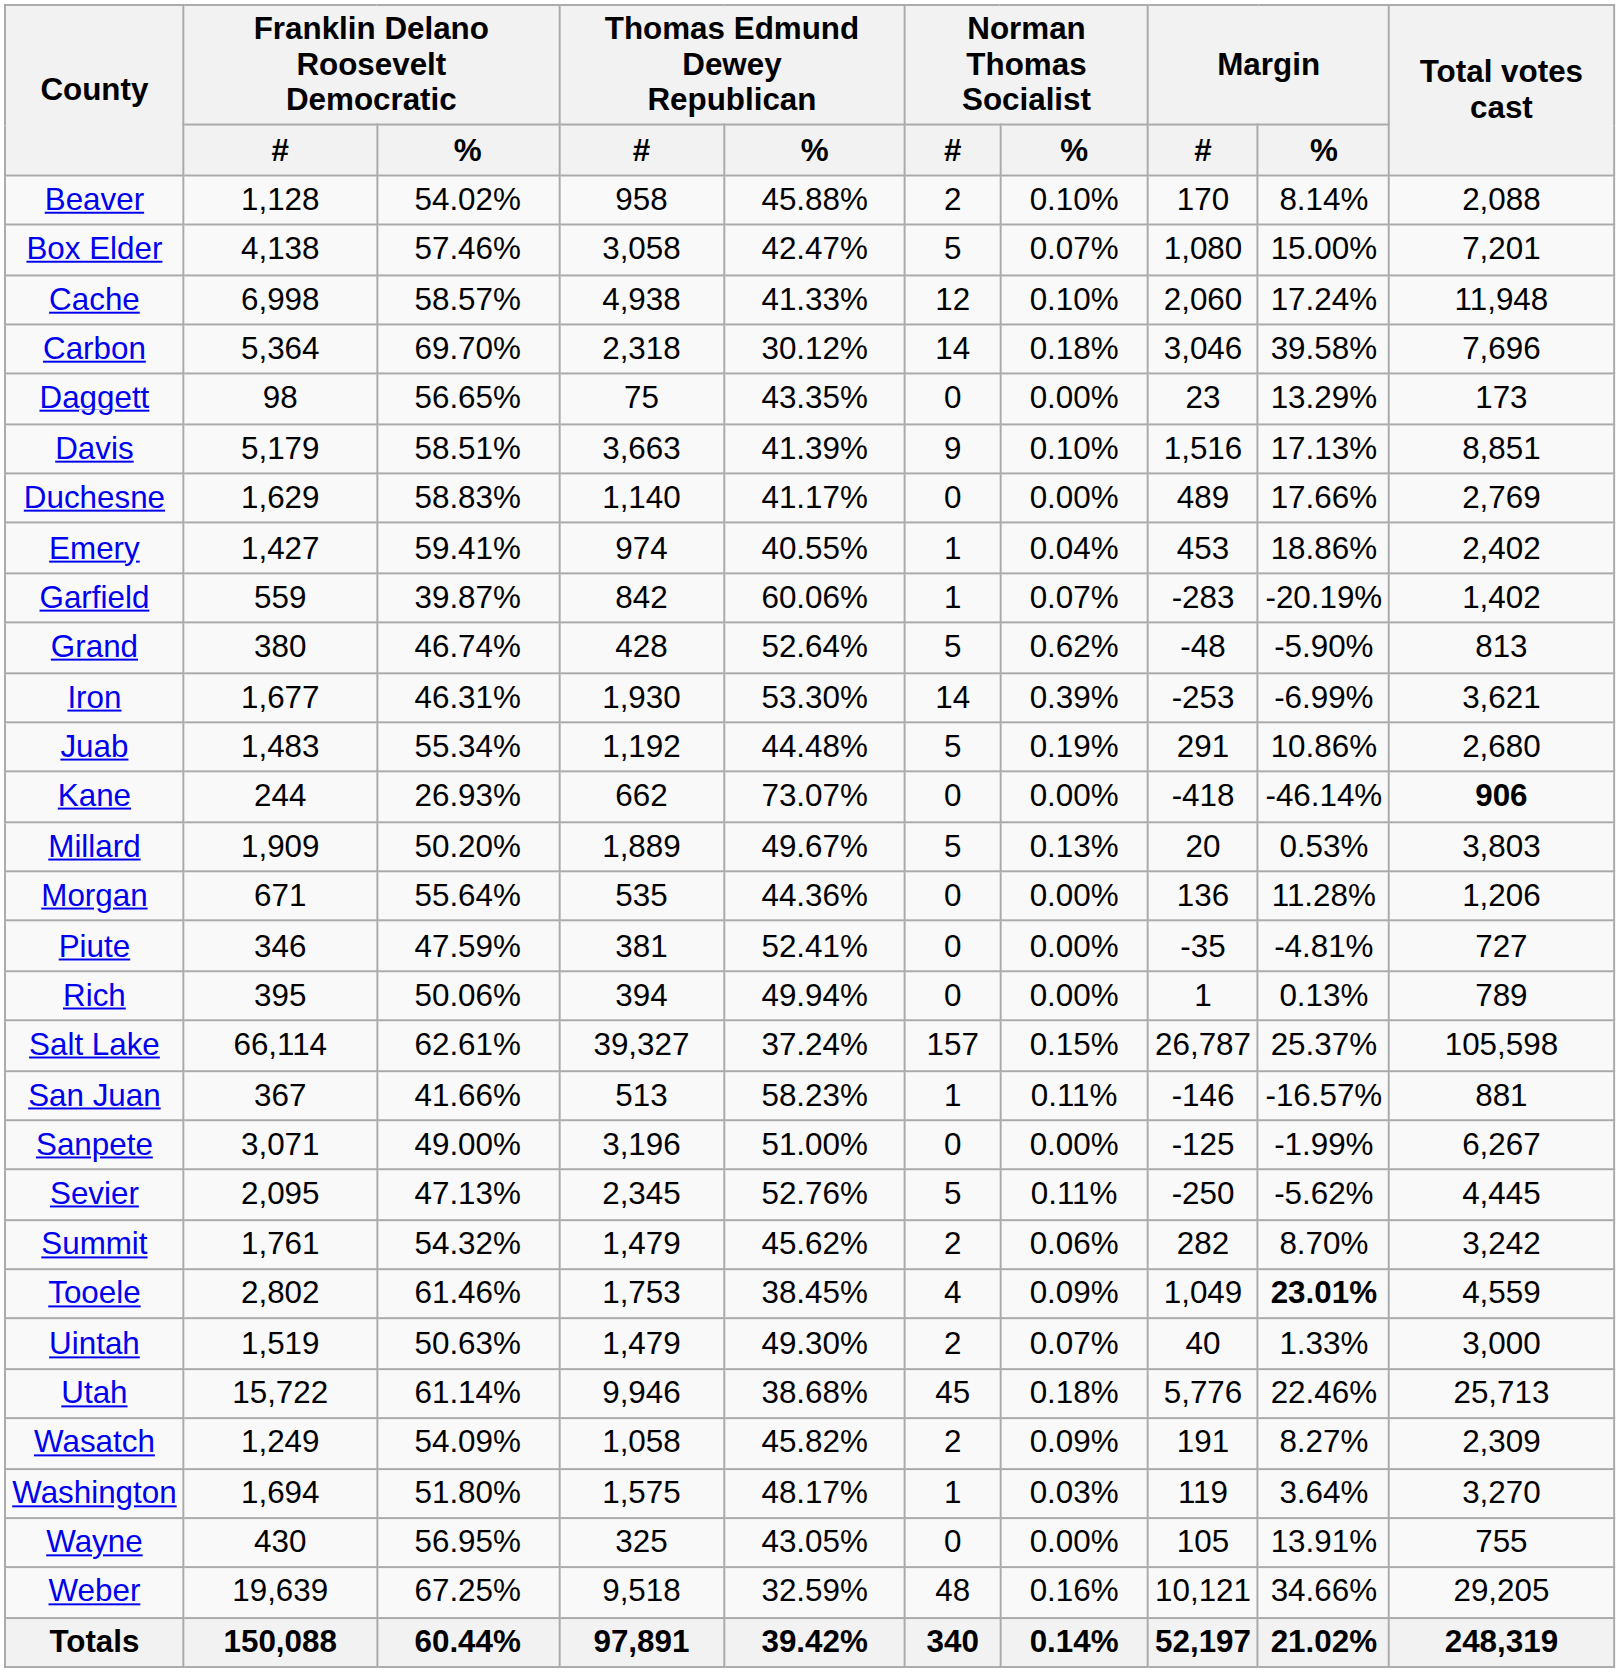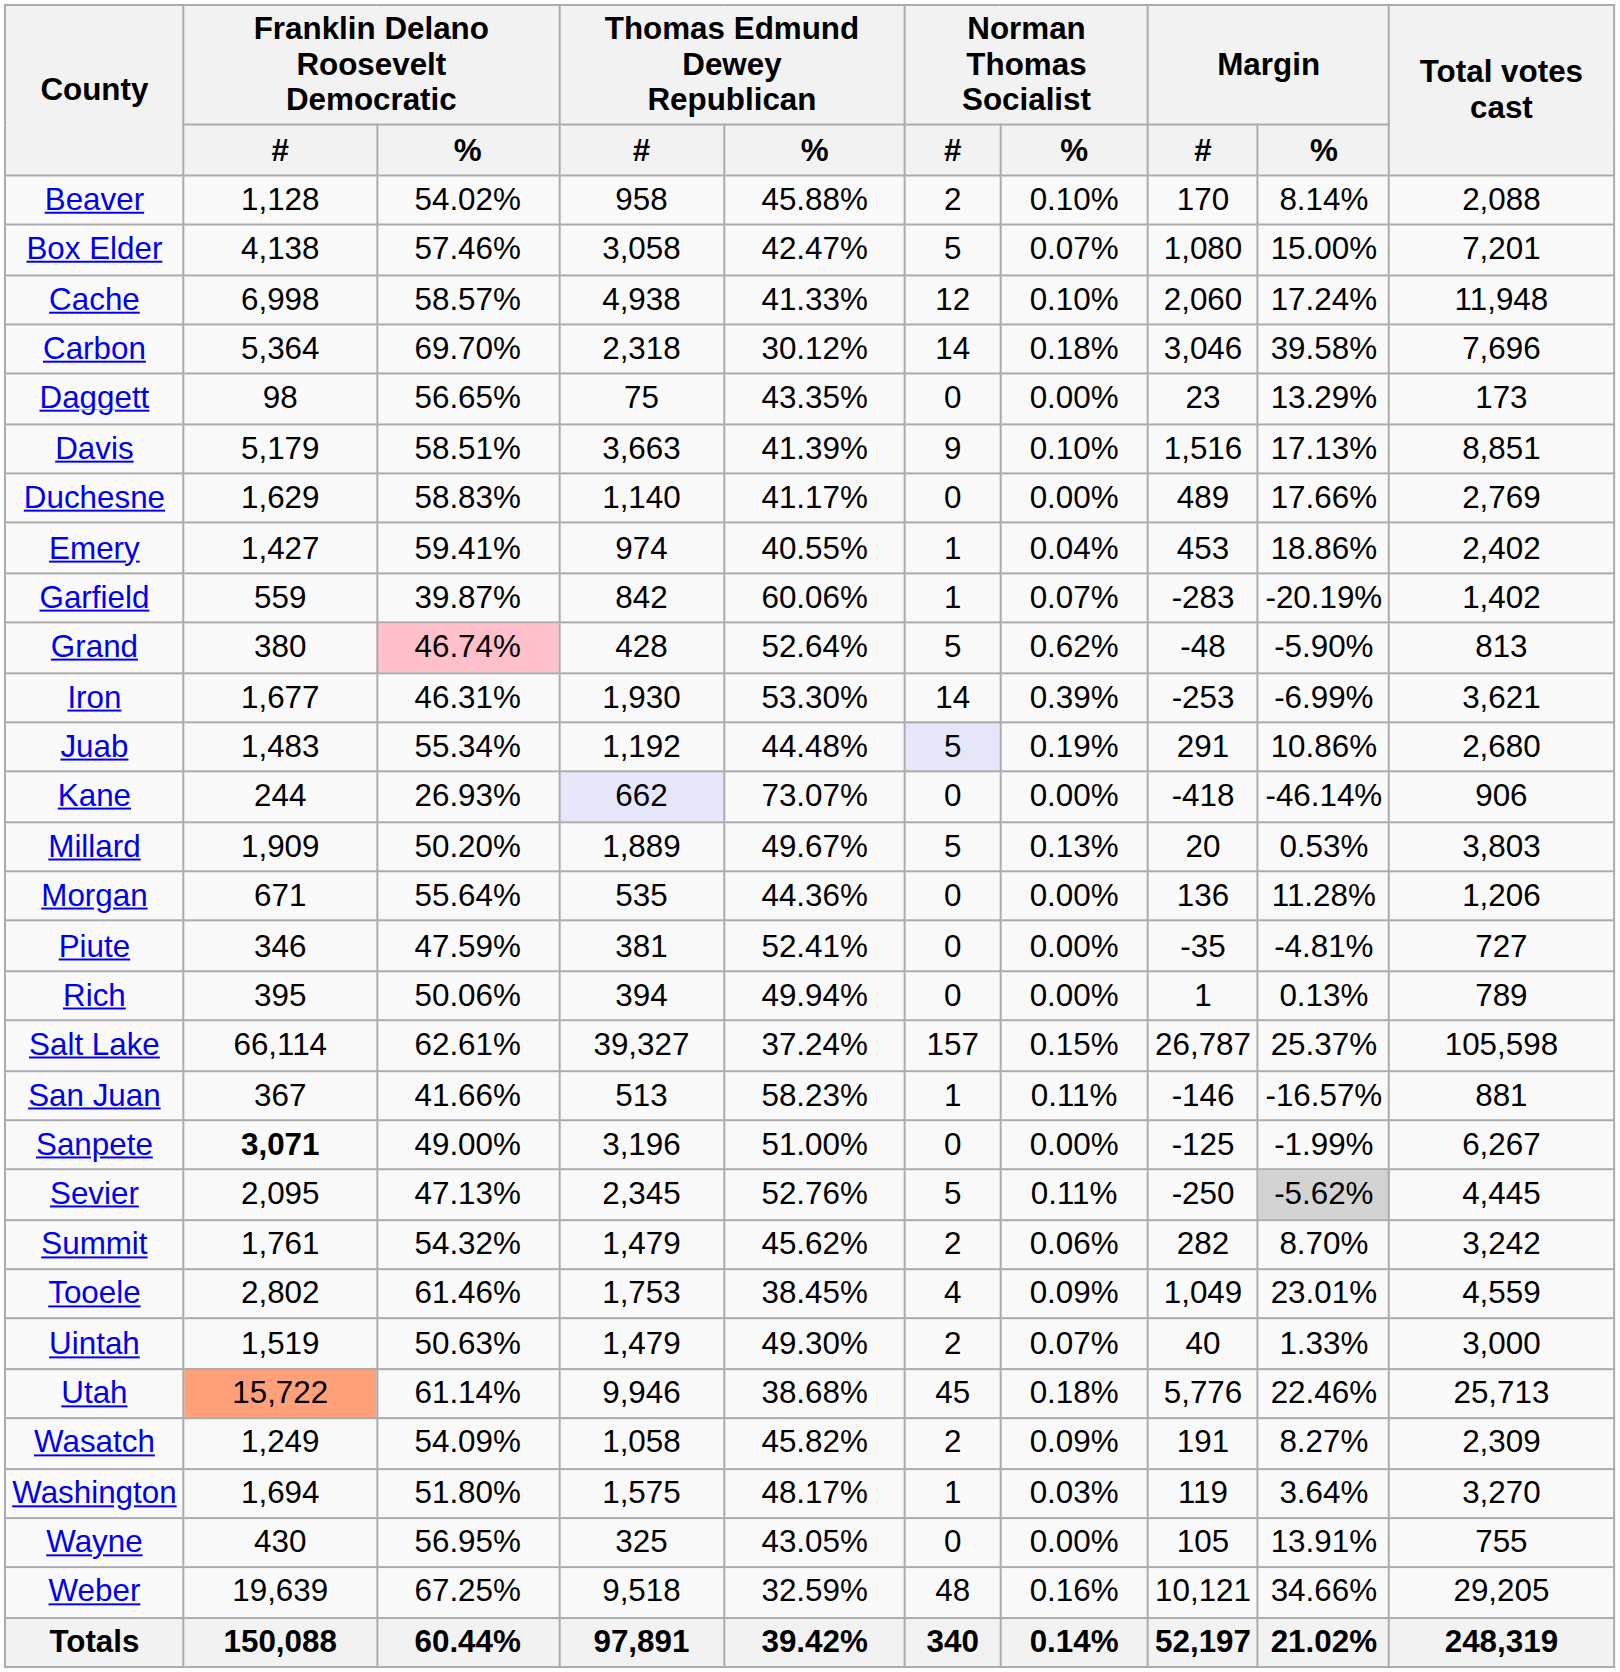 <table width="65%" class="wikitable sortable">
 <tr>
 <th colspan="1" rowspan="2">County</th>
 <th style="text-align:center;" colspan="2">Franklin Delano Roosevelt<br>Democratic</th>
 <th style="text-align:center;" colspan="2">Thomas Edmund Dewey<br>Republican</th>
 <th style="text-align:center;" colspan="2">Norman Thomas<br>Socialist</th>
 <th style="text-align:center;" colspan="2">Margin</th>
 <th colspan="1" rowspan="2" style="text-align:center;">Total votes cast</th>
 </tr>
 <tr>
 <th style="text-align:center;" data-sort-type="number">#</th>
 <th style="text-align:center;" data-sort-type="number">%</th>
 <th style="text-align:center;" data-sort-type="number">#</th>
 <th style="text-align:center;" data-sort-type="number">%</th>
 <th style="text-align:center;" data-sort-type="number">#</th>
 <th style="text-align:center;" data-sort-type="number">%</th>
 <th style="text-align:center;" data-sort-type="number">#</th>
 <th style="text-align:center;" data-sort-type="number">%</th>
 </tr>
 <tr style="text-align:center;">
 <td><a href='#'>Beaver</a></td>
 <td>1,128</td>
 <td>54.02%</td>
 <td>958</td>
 <td>45.88%</td>
 <td>2</td>
 <td>0.10%</td>
 <td>170</td>
 <td>8.14%</td>
 <td>2,088</td>
 </tr>
 <tr style="text-align:center;">
 <td><a href='#'>Box Elder</a></td>
 <td>4,138</td>
 <td>57.46%</td>
 <td>3,058</td>
 <td>42.47%</td>
 <td>5</td>
 <td>0.07%</td>
 <td>1,080</td>
 <td>15.00%</td>
 <td>7,201</td>
 </tr>
 <tr style="text-align:center;">
 <td><a href='#'>Cache</a></td>
 <td>6,998</td>
 <td>58.57%</td>
 <td>4,938</td>
 <td>41.33%</td>
 <td>12</td>
 <td>0.10%</td>
 <td>2,060</td>
 <td>17.24%</td>
 <td>11,948</td>
 </tr>
 <tr style="text-align:center;">
 <td><a href='#'>Carbon</a></td>
 <td>5,364</td>
 <td>69.70%</td>
 <td>2,318</td>
 <td>30.12%</td>
 <td>14</td>
 <td>0.18%</td>
 <td>3,046</td>
 <td>39.58%</td>
 <td>7,696</td>
 </tr>
 <tr style="text-align:center;">
 <td><a href='#'>Daggett</a></td>
 <td>98</td>
 <td>56.65%</td>
 <td>75</td>
 <td>43.35%</td>
 <td>0</td>
 <td>0.00%</td>
 <td>23</td>
 <td>13.29%</td>
 <td>173</td>
 </tr>
 <tr style="text-align:center;">
 <td><a href='#'>Davis</a></td>
 <td>5,179</td>
 <td>58.51%</td>
 <td>3,663</td>
 <td>41.39%</td>
 <td>9</td>
 <td>0.10%</td>
 <td>1,516</td>
 <td>17.13%</td>
 <td>8,851</td>
 </tr>
 <tr style="text-align:center;">
 <td><a href='#'>Duchesne</a></td>
 <td>1,629</td>
 <td>58.83%</td>
 <td>1,140</td>
 <td>41.17%</td>
 <td>0</td>
 <td>0.00%</td>
 <td>489</td>
 <td>17.66%</td>
 <td>2,769</td>
 </tr>
 <tr style="text-align:center;">
 <td><a href='#'>Emery</a></td>
 <td>1,427</td>
 <td>59.41%</td>
 <td>974</td>
 <td>40.55%</td>
 <td>1</td>
 <td>0.04%</td>
 <td>453</td>
 <td>18.86%</td>
 <td>2,402</td>
 </tr>
 <tr style="text-align:center;">
 <td><a href='#'>Garfield</a></td>
 <td>559</td>
 <td>39.87%</td>
 <td>842</td>
 <td>60.06%</td>
 <td>1</td>
 <td>0.07%</td>
 <td>-283</td>
 <td>-20.19%</td>
 <td>1,402</td>
 </tr>
 <tr style="text-align:center;">
 <td><a href='#'>Grand</a></td>
 <td>380</td>
-<td>46.74%</td>
+<td style="background: pink;">46.74%</td>
 <td>428</td>
 <td>52.64%</td>
 <td>5</td>
 <td>0.62%</td>
 <td>-48</td>
 <td>-5.90%</td>
 <td>813</td>
 </tr>
 <tr style="text-align:center;">
 <td><a href='#'>Iron</a></td>
 <td>1,677</td>
 <td>46.31%</td>
 <td>1,930</td>
 <td>53.30%</td>
 <td>14</td>
 <td>0.39%</td>
 <td>-253</td>
 <td>-6.99%</td>
 <td>3,621</td>
 </tr>
 <tr style="text-align:center;">
 <td><a href='#'>Juab</a></td>
 <td>1,483</td>
 <td>55.34%</td>
 <td>1,192</td>
 <td>44.48%</td>
-<td>5</td>
+<td style="background: lavender;">5</td>
 <td>0.19%</td>
 <td>291</td>
 <td>10.86%</td>
 <td>2,680</td>
 </tr>
 <tr style="text-align:center;">
 <td><a href='#'>Kane</a></td>
 <td>244</td>
 <td>26.93%</td>
-<td>662</td>
+<td style="background: lavender;">662</td>
 <td>73.07%</td>
 <td>0</td>
 <td>0.00%</td>
 <td>-418</td>
 <td>-46.14%</td>
-<td><strong>906</strong></td>
+<td>906</td>
 </tr>
 <tr style="text-align:center;">
 <td><a href='#'>Millard</a></td>
 <td>1,909</td>
 <td>50.20%</td>
 <td>1,889</td>
 <td>49.67%</td>
 <td>5</td>
 <td>0.13%</td>
 <td>20</td>
 <td>0.53%</td>
 <td>3,803</td>
 </tr>
 <tr style="text-align:center;">
 <td><a href='#'>Morgan</a></td>
 <td>671</td>
 <td>55.64%</td>
 <td>535</td>
 <td>44.36%</td>
 <td>0</td>
 <td>0.00%</td>
 <td>136</td>
 <td>11.28%</td>
 <td>1,206</td>
 </tr>
 <tr style="text-align:center;">
 <td><a href='#'>Piute</a></td>
 <td>346</td>
 <td>47.59%</td>
 <td>381</td>
 <td>52.41%</td>
 <td>0</td>
 <td>0.00%</td>
 <td>-35</td>
 <td>-4.81%</td>
 <td>727</td>
 </tr>
 <tr style="text-align:center;">
 <td><a href='#'>Rich</a></td>
 <td>395</td>
 <td>50.06%</td>
 <td>394</td>
 <td>49.94%</td>
 <td>0</td>
 <td>0.00%</td>
 <td>1</td>
 <td>0.13%</td>
 <td>789</td>
 </tr>
 <tr style="text-align:center;">
 <td><a href='#'>Salt Lake</a></td>
 <td>66,114</td>
 <td>62.61%</td>
 <td>39,327</td>
 <td>37.24%</td>
 <td>157</td>
 <td>0.15%</td>
 <td>26,787</td>
 <td>25.37%</td>
 <td>105,598</td>
 </tr>
 <tr style="text-align:center;">
 <td><a href='#'>San Juan</a></td>
 <td>367</td>
 <td>41.66%</td>
 <td>513</td>
 <td>58.23%</td>
 <td>1</td>
 <td>0.11%</td>
 <td>-146</td>
 <td>-16.57%</td>
 <td>881</td>
 </tr>
 <tr style="text-align:center;">
 <td><a href='#'>Sanpete</a></td>
-<td>3,071</td>
+<td><strong>3,071</strong></td>
 <td>49.00%</td>
 <td>3,196</td>
 <td>51.00%</td>
 <td>0</td>
 <td>0.00%</td>
 <td>-125</td>
 <td>-1.99%</td>
 <td>6,267</td>
 </tr>
 <tr style="text-align:center;">
 <td><a href='#'>Sevier</a></td>
 <td>2,095</td>
 <td>47.13%</td>
 <td>2,345</td>
 <td>52.76%</td>
 <td>5</td>
 <td>0.11%</td>
 <td>-250</td>
-<td>-5.62%</td>
+<td style="background: lightgrey;">-5.62%</td>
 <td>4,445</td>
 </tr>
 <tr style="text-align:center;">
 <td><a href='#'>Summit</a></td>
 <td>1,761</td>
 <td>54.32%</td>
 <td>1,479</td>
 <td>45.62%</td>
 <td>2</td>
 <td>0.06%</td>
 <td>282</td>
 <td>8.70%</td>
 <td>3,242</td>
 </tr>
 <tr style="text-align:center;">
 <td><a href='#'>Tooele</a></td>
 <td>2,802</td>
 <td>61.46%</td>
 <td>1,753</td>
 <td>38.45%</td>
 <td>4</td>
 <td>0.09%</td>
 <td>1,049</td>
-<td><strong>23.01%</strong></td>
+<td>23.01%</td>
 <td>4,559</td>
 </tr>
 <tr style="text-align:center;">
 <td><a href='#'>Uintah</a></td>
 <td>1,519</td>
 <td>50.63%</td>
 <td>1,479</td>
 <td>49.30%</td>
 <td>2</td>
 <td>0.07%</td>
 <td>40</td>
 <td>1.33%</td>
 <td>3,000</td>
 </tr>
 <tr style="text-align:center;">
 <td><a href='#'>Utah</a></td>
-<td>15,722</td>
+<td style="background: lightsalmon;">15,722</td>
 <td>61.14%</td>
 <td>9,946</td>
 <td>38.68%</td>
 <td>45</td>
 <td>0.18%</td>
 <td>5,776</td>
 <td>22.46%</td>
 <td>25,713</td>
 </tr>
 <tr style="text-align:center;">
 <td><a href='#'>Wasatch</a></td>
 <td>1,249</td>
 <td>54.09%</td>
 <td>1,058</td>
 <td>45.82%</td>
 <td>2</td>
 <td>0.09%</td>
 <td>191</td>
 <td>8.27%</td>
 <td>2,309</td>
 </tr>
 <tr style="text-align:center;">
 <td><a href='#'>Washington</a></td>
 <td>1,694</td>
 <td>51.80%</td>
 <td>1,575</td>
 <td>48.17%</td>
 <td>1</td>
 <td>0.03%</td>
 <td>119</td>
 <td>3.64%</td>
 <td>3,270</td>
 </tr>
 <tr style="text-align:center;">
 <td><a href='#'>Wayne</a></td>
 <td>430</td>
 <td>56.95%</td>
 <td>325</td>
 <td>43.05%</td>
 <td>0</td>
 <td>0.00%</td>
 <td>105</td>
 <td>13.91%</td>
 <td>755</td>
 </tr>
 <tr style="text-align:center;">
 <td><a href='#'>Weber</a></td>
 <td>19,639</td>
 <td>67.25%</td>
 <td>9,518</td>
 <td>32.59%</td>
 <td>48</td>
 <td>0.16%</td>
 <td>10,121</td>
 <td>34.66%</td>
 <td>29,205</td>
 </tr>
 <tr style="text-align:center;">
 <th>Totals</th>
 <th>150,088</th>
 <th>60.44%</th>
 <th>97,891</th>
 <th>39.42%</th>
 <th>340</th>
 <th>0.14%</th>
 <th>52,197</th>
 <th>21.02%</th>
 <th>248,319</th>
 </tr>
 </table>
